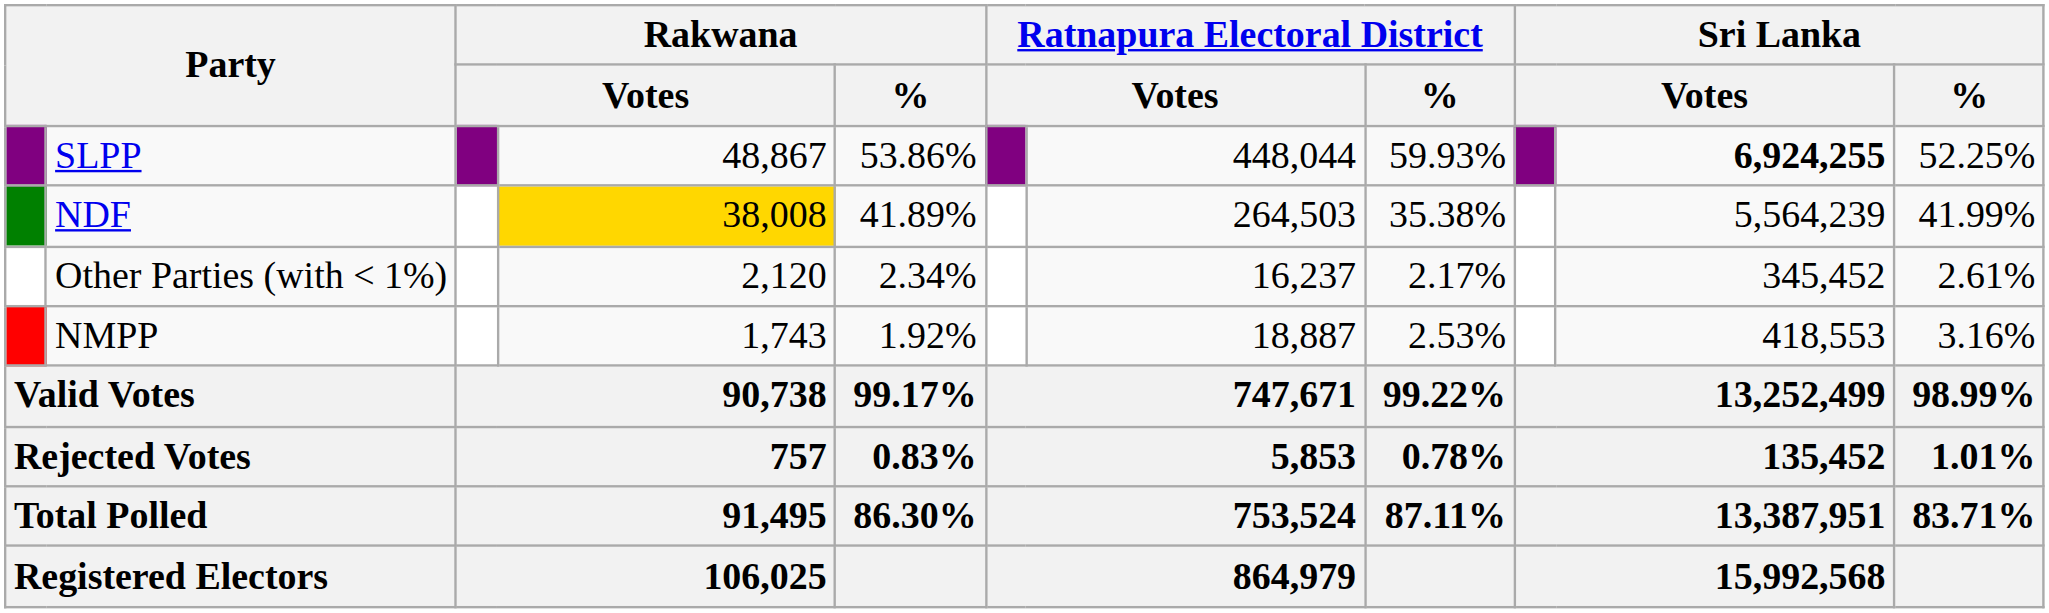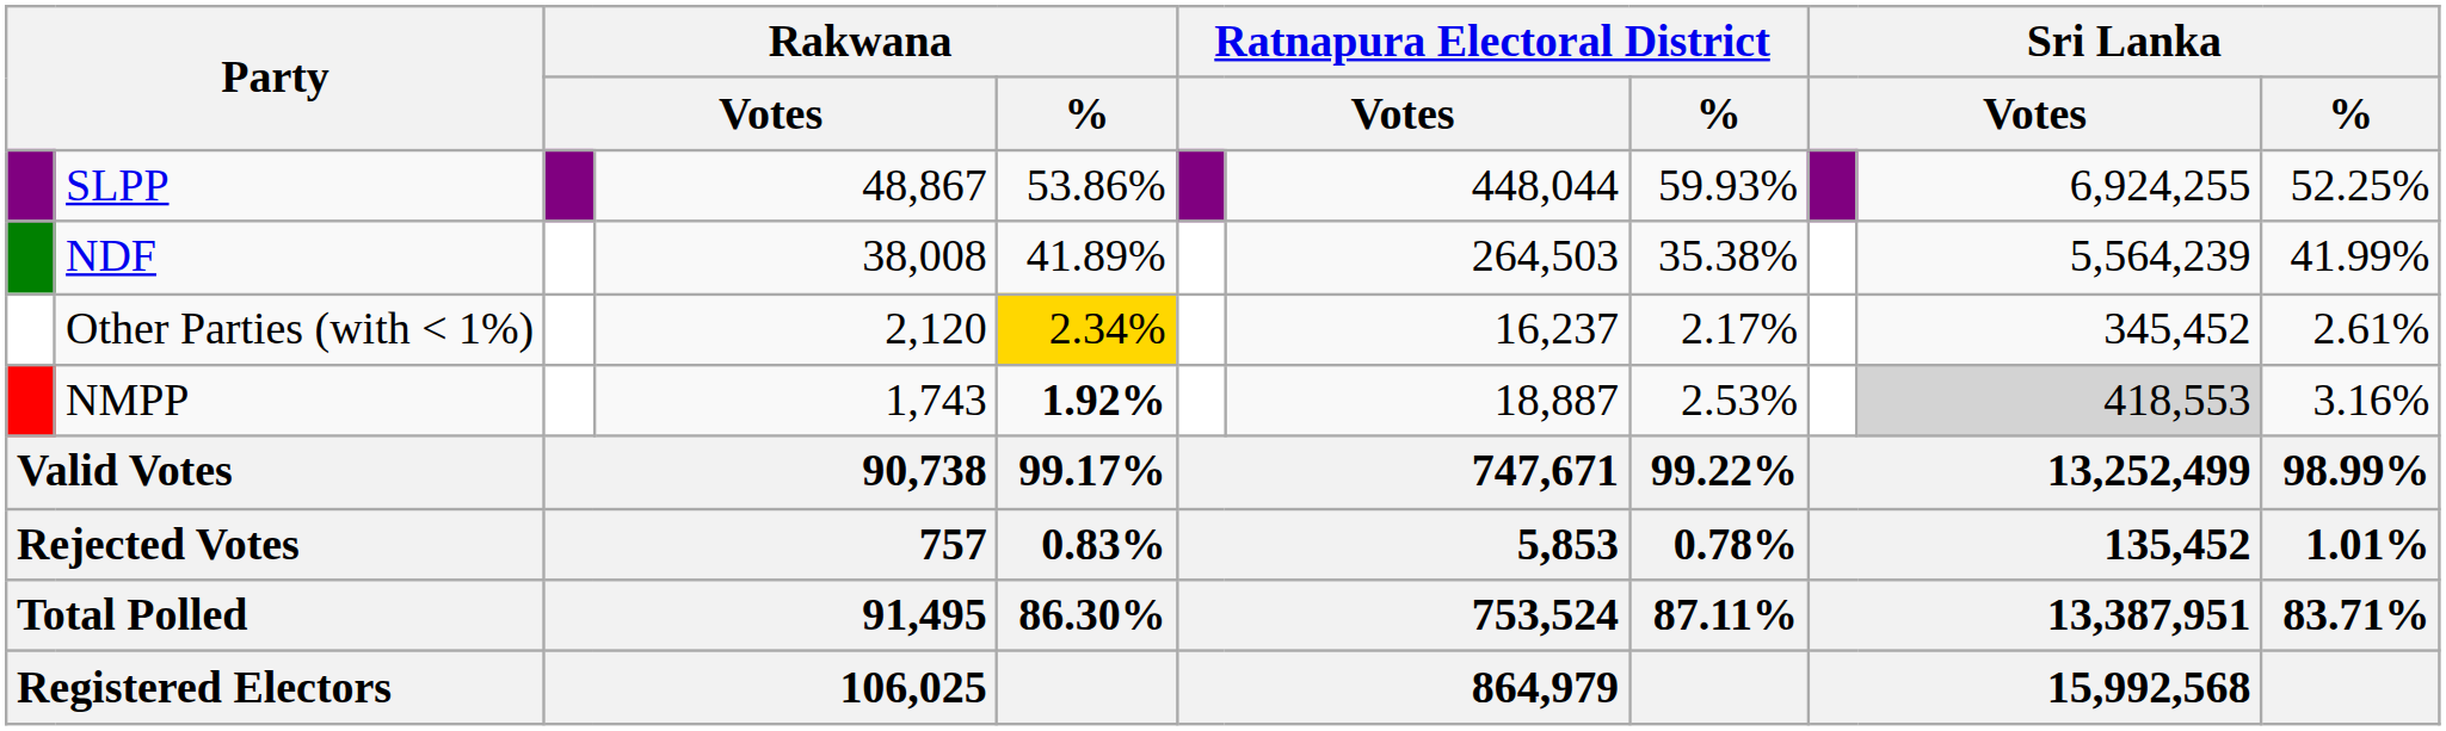 <table class="wikitable">
 <tr>
 <th colspan="2" width="144px"rowspan="2">Party</th>
 <th colspan="3" width="216px">Rakwana</th>
 <th colspan="3" width="216px"><a href='#'>Ratnapura Electoral District</a></th>
 <th colspan="3" width="216px">Sri Lanka</th>
 </tr>
 <tr>
 <th colspan="2" width="144px">Votes</th>
 <th>%</th>
 <th colspan="2" width="144px">Votes</th>
 <th>%</th>
 <th colspan="2" width="144px">Votes</th>
 <th>%</th>
 </tr>
 <tr>
 <td style="background-color:purple;" width="10px"></td>
 <td style="text-align:left;"><a href='#'>SLPP</a></td>
 <td style="background-color:purple;" width="10px"></td>
 <td style="text-align:right;">48,867</td>
 <td style="text-align:right;">53.86%</td>
 <td style="background-color:purple;" width="10px"></td>
 <td style="text-align:right;">448,044</td>
 <td style="text-align:right;">59.93%</td>
 <td style="background-color:purple;" width="10px"></td>
-<td style="text-align:right;"><strong>6,924,255</strong></td>
+<td style="text-align:right;">6,924,255</td>
 <td style="text-align:right;">52.25%</td>
 </tr>
 <tr>
 <td style="background-color:green;" width="10px"></td>
 <td style="text-align:left;"><a href='#'>NDF</a></td>
 <td style="background-color:white;" width="10px"></td>
-<td style="background: gold; text-align:right;">38,008</td>
+<td style="text-align:right;">38,008</td>
 <td style="text-align:right;">41.89%</td>
 <td style="background-color:white;" width="10px"></td>
 <td style="text-align:right;">264,503</td>
 <td style="text-align:right;">35.38%</td>
 <td style="background-color:white;" width="10px"></td>
 <td style="text-align:right;">5,564,239</td>
 <td style="text-align:right;">41.99%</td>
 </tr>
 <tr>
 <td style="background-color:white;" width="10px"></td>
 <td style="text-align:left;">Other Parties (with < 1%)</td>
 <td style="background-color:white;" width="10px"></td>
 <td style="text-align:right;">2,120</td>
-<td style="text-align:right;">2.34%</td>
+<td style="background: gold; text-align:right;">2.34%</td>
 <td style="background-color:white;" width="10px"></td>
 <td style="text-align:right;">16,237</td>
 <td style="text-align:right;">2.17%</td>
 <td style="background-color:white;" width="10px"></td>
 <td style="text-align:right;">345,452</td>
 <td style="text-align:right;">2.61%</td>
 </tr>
 <tr>
 <td style="background-color:red;" width="10px"></td>
 <td style="text-align:left;">NMPP</td>
 <td style="background-color:white;" width="10px"></td>
 <td style="text-align:right;">1,743</td>
-<td style="text-align:right;">1.92%</td>
+<td style="text-align:right;"><strong>1.92%</strong></td>
 <td style="background-color:white;" width="10px"></td>
 <td style="text-align:right;">18,887</td>
 <td style="text-align:right;">2.53%</td>
 <td style="background-color:white;" width="10px"></td>
-<td style="text-align:right;">418,553</td>
+<td style="background: lightgrey; text-align:right;">418,553</td>
 <td style="text-align:right;">3.16%</td>
 </tr>
 <tr>
 <th colspan="2" width="144px"style="text-align:left;">Valid Votes</th>
 <th style="text-align:right;"colspan="2" width="144px">90,738</th>
 <th style="text-align:right;">99.17%</th>
 <th style="text-align:right;"colspan="2" width="144px">747,671</th>
 <th style="text-align:right;">99.22%</th>
 <th style="text-align:right;"colspan="2" width="144px">13,252,499</th>
 <th style="text-align:right;">98.99%</th>
 </tr>
 <tr>
 <th colspan="2" width="144px"style="text-align:left;">Rejected Votes</th>
 <th style="text-align:right;"colspan="2" width="144px">757</th>
 <th style="text-align:right;">0.83%</th>
 <th style="text-align:right;"colspan="2" width="144px">5,853</th>
 <th style="text-align:right;">0.78%</th>
 <th style="text-align:right;"colspan="2" width="144px">135,452</th>
 <th style="text-align:right;">1.01%</th>
 </tr>
 <tr>
 <th colspan="2" width="144px"style="text-align:left;">Total Polled</th>
 <th style="text-align:right;"colspan="2" width="144px">91,495</th>
 <th style="text-align:right;">86.30%</th>
 <th style="text-align:right;"colspan="2" width="144px">753,524</th>
 <th style="text-align:right;">87.11%</th>
 <th style="text-align:right;"colspan="2" width="144px">13,387,951</th>
 <th style="text-align:right;">83.71%</th>
 </tr>
 <tr>
 <th colspan="2" width="144px"style="text-align:left;">Registered Electors</th>
 <th style="text-align:right;"colspan="2" width="144px">106,025</th>
 <th></th>
 <th style="text-align:right;"colspan="2" width="144px">864,979</th>
 <th></th>
 <th style="text-align:right;"colspan="2" width="144px">15,992,568</th>
 <th></th>
 </tr>
 </table>
